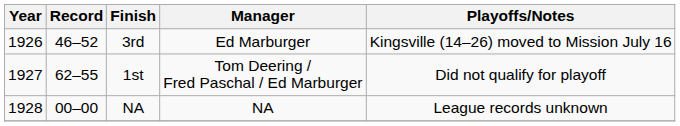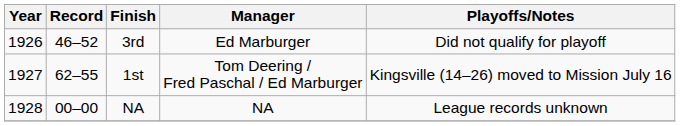 <table class="wikitable" style="text-align:center">
 <tr>
 <th>Year</th>
 <th>Record</th>
 <th>Finish</th>
 <th>Manager</th>
 <th>Playoffs/Notes</th>
 </tr>
 <tr>
 <td>1926</td>
 <td>46–52</td>
 <td>3rd</td>
 <td>Ed Marburger</td>
-<td>Kingsville (14–26) moved to Mission July 16</td>
+<td>Did not qualify for playoff</td>
 </tr>
 <tr>
 <td>1927</td>
 <td>62–55</td>
 <td>1st</td>
 <td>Tom Deering /<br> Fred Paschal / Ed Marburger</td>
-<td>Did not qualify for playoff</td>
+<td>Kingsville (14–26) moved to Mission July 16</td>
 </tr>
 <tr>
 <td>1928</td>
 <td>00–00</td>
 <td>NA</td>
 <td>NA</td>
 <td>League records unknown</td>
 </tr>
 <tr>
 </tr>
 </table>
